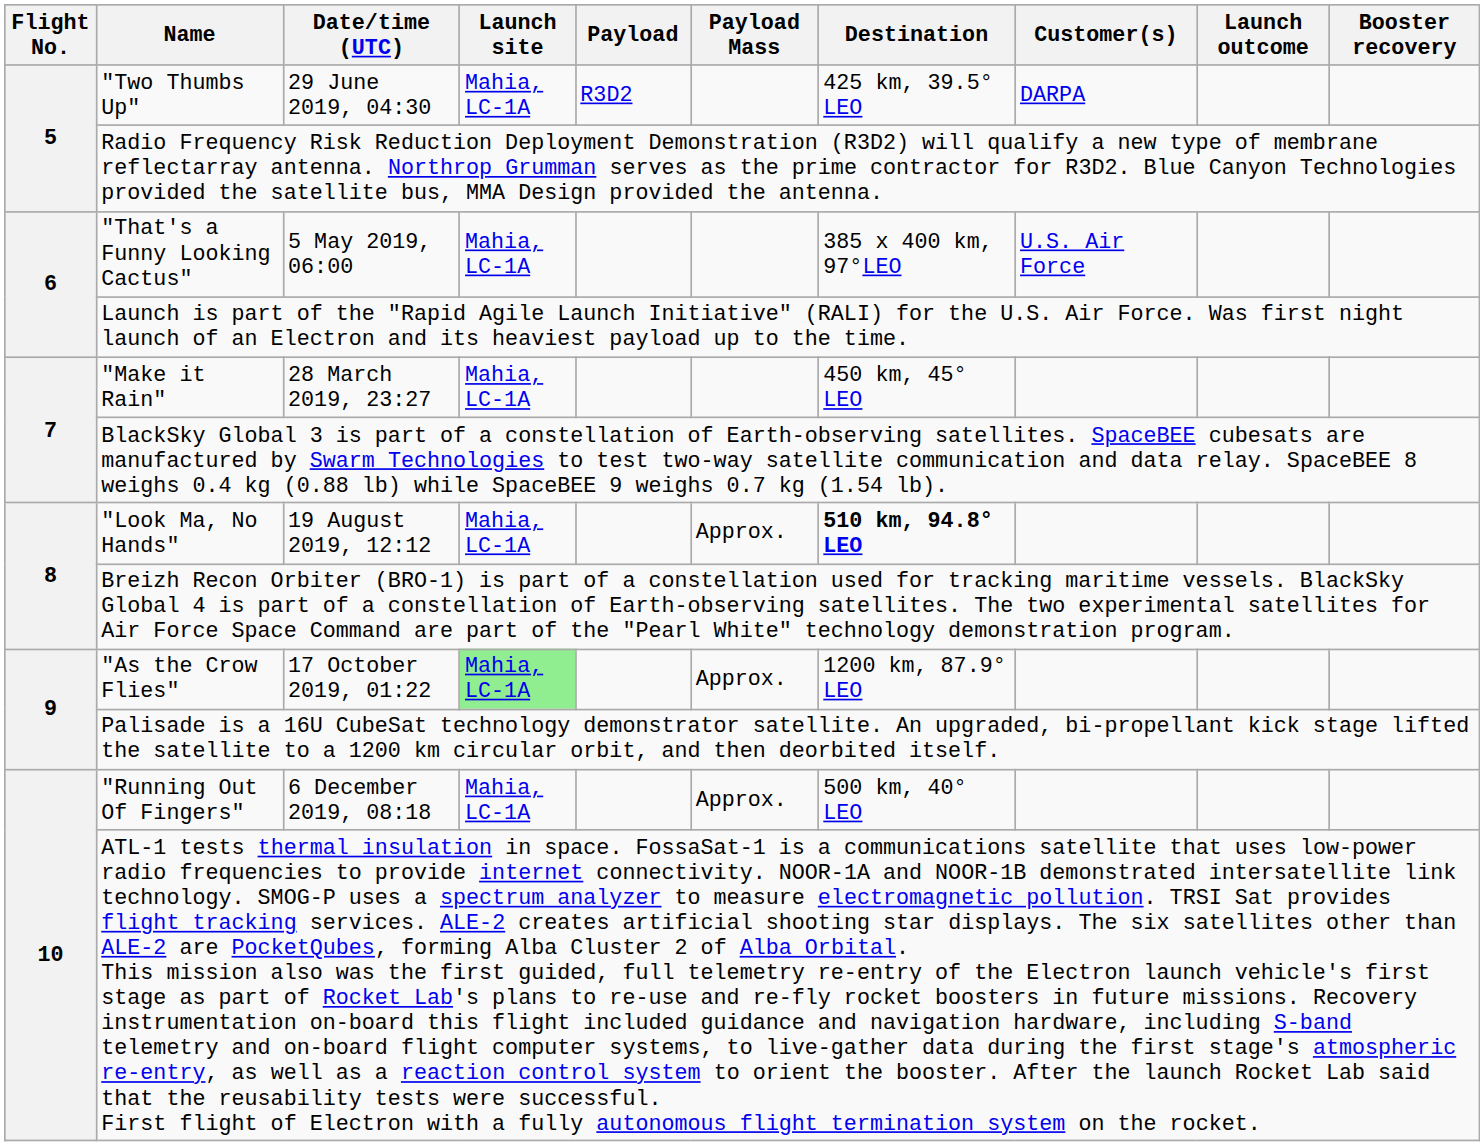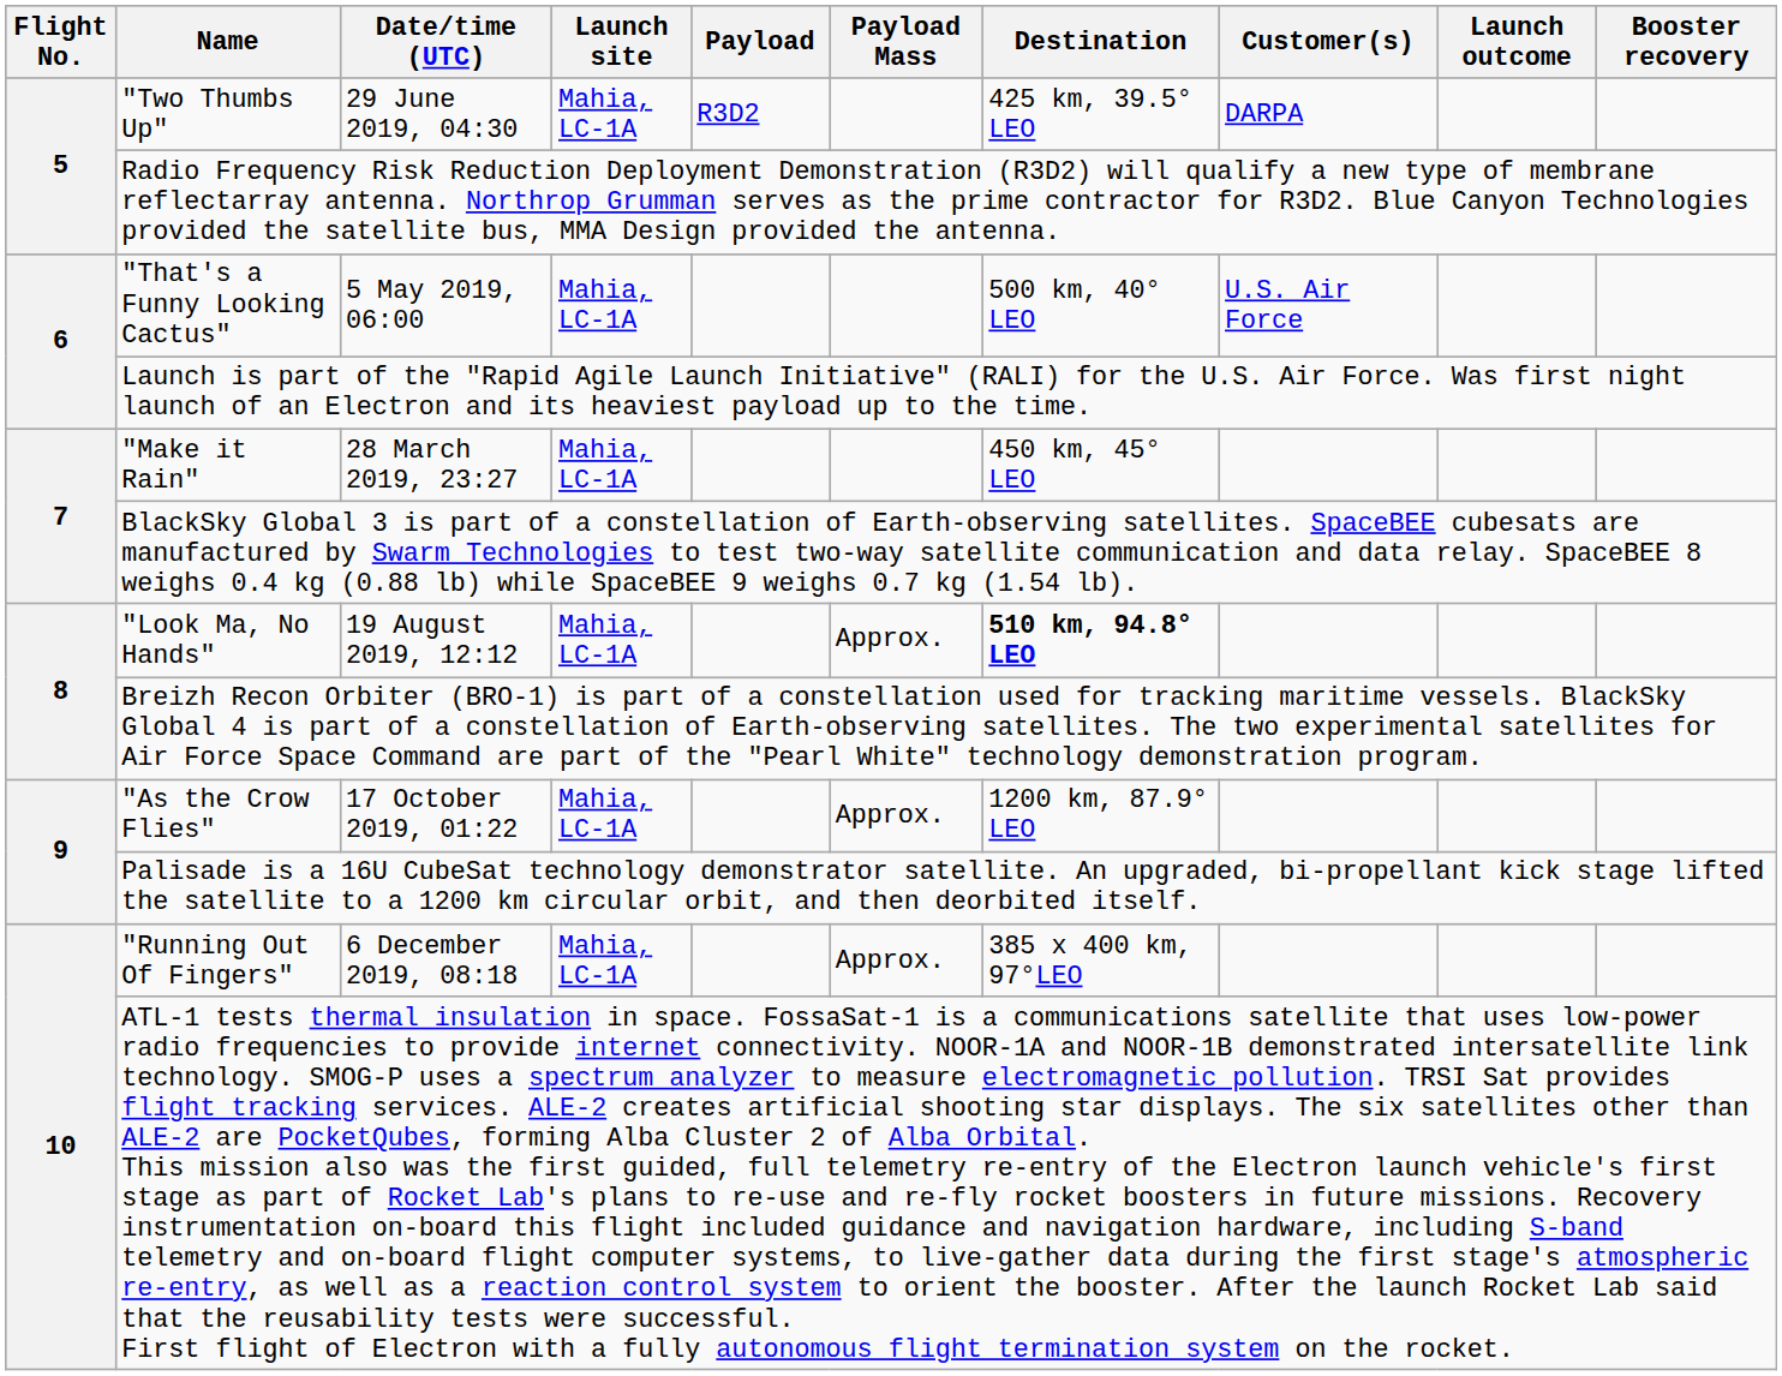 <table class="wikitable" style="width: 100%">
 <tr>
 <th>Flight No.</th>
 <th>Name</th>
 <th>Date/time<br>(<a href='#'>UTC</a>)</th>
 <th>Launch site</th>
 <th>Payload</th>
 <th>Payload Mass</th>
 <th>Destination</th>
 <th>Customer(s)</th>
 <th>Launch outcome</th>
 <th>Booster recovery</th>
 </tr>
 <tr>
 <th rowspan=2>5</th>
 <td>"Two Thumbs Up"</td>
 <td>29 June 2019, 04:30</td>
 <td><a href='#'>Mahia, LC-1A</a></td>
 <td><a href='#'>R3D2</a></td>
 <td></td>
 <td>425 km, 39.5° <a href='#'>LEO</a></td>
 <td><a href='#'>DARPA</a></td>
 <td></td>
 <td></td>
 </tr>
 <tr>
 <td colspan="9">Radio Frequency Risk Reduction Deployment Demonstration (R3D2) will qualify a new type of membrane reflectarray antenna. <a href='#'>Northrop Grumman</a> serves as the prime contractor for R3D2. Blue Canyon Technologies provided the satellite bus, MMA Design provided the antenna.</td>
 </tr>
 <tr>
 <th rowspan=2>6</th>
 <td>"That's a Funny Looking Cactus"</td>
 <td>5 May 2019, 06:00</td>
 <td><a href='#'>Mahia, LC-1A</a></td>
 <td></td>
 <td></td>
-<td>385 x 400 km, 97°<a href='#'>LEO</a></td>
+<td>500 km, 40° <a href='#'>LEO</a></td>
 <td><a href='#'>U.S. Air Force</a></td>
 <td></td>
 <td></td>
 </tr>
 <tr>
 <td colspan="9">Launch is part of the "Rapid Agile Launch Initiative" (RALI) for the U.S. Air Force. Was first night launch of an Electron and its heaviest payload up to the time.</td>
 </tr>
 <tr>
 <th rowspan=2>7</th>
 <td>"Make it Rain"</td>
 <td>28 March 2019, 23:27</td>
 <td><a href='#'>Mahia, LC-1A</a></td>
 <td></td>
 <td></td>
 <td>450 km, 45° <a href='#'>LEO</a></td>
 <td></td>
 <td></td>
 <td></td>
 </tr>
 <tr>
 <td colspan="9">BlackSky Global 3 is part of a constellation of Earth-observing satellites. <a href='#'>SpaceBEE</a> cubesats are manufactured by <a href='#'>Swarm Technologies</a> to test two-way satellite communication and data relay. SpaceBEE 8 weighs 0.4 kg (0.88 lb) while SpaceBEE 9 weighs 0.7 kg (1.54 lb).</td>
 </tr>
 <tr>
 <th rowspan=2>8</th>
 <td>"Look Ma, No Hands"</td>
 <td>19 August 2019, 12:12</td>
 <td><a href='#'>Mahia, LC-1A</a></td>
 <td></td>
 <td>Approx. </td>
 <td><strong>510 km, 94.8° <a href='#'>LEO</a></strong></td>
 <td></td>
 <td></td>
 <td></td>
 </tr>
 <tr>
 <td colspan="9">Breizh Recon Orbiter (BRO-1) is part of a constellation used for tracking maritime vessels. BlackSky Global 4 is part of a constellation of Earth-observing satellites. The two experimental satellites for Air Force Space Command are part of the "Pearl White" technology demonstration program.</td>
 </tr>
 <tr>
 <th rowspan=2>9</th>
 <td>"As the Crow Flies"</td>
 <td>17 October 2019, 01:22</td>
-<td style="background: lightgreen;"><a href='#'>Mahia, LC-1A</a></td>
+<td><a href='#'>Mahia, LC-1A</a></td>
 <td></td>
 <td>Approx. </td>
 <td>1200 km, 87.9° <a href='#'>LEO</a></td>
 <td></td>
 <td></td>
 <td></td>
 </tr>
 <tr>
 <td colspan="9">Palisade is a 16U CubeSat technology demonstrator satellite. An upgraded, bi-propellant kick stage lifted the satellite to a 1200 km circular orbit, and then deorbited itself.</td>
 </tr>
 <tr>
 <th rowspan="2">10</th>
 <td>"Running Out Of Fingers"</td>
 <td>6 December 2019, 08:18</td>
 <td><a href='#'>Mahia, LC-1A</a></td>
 <td></td>
 <td>Approx. </td>
-<td>500 km, 40° <a href='#'>LEO</a></td>
+<td>385 x 400 km, 97°<a href='#'>LEO</a></td>
 <td></td>
 <td></td>
 <td></td>
 </tr>
 <tr>
 <td colspan="9">ATL-1 tests <a href='#'>thermal insulation</a> in space. FossaSat-1 is a communications satellite that uses low-power radio frequencies to provide <a href='#'>internet</a> connectivity. NOOR-1A and NOOR-1B demonstrated intersatellite link technology. SMOG-P uses a <a href='#'>spectrum analyzer</a> to measure <a href='#'>electromagnetic pollution</a>. TRSI Sat provides <a href='#'>flight tracking</a> services. <a href='#'>ALE-2</a> creates artificial shooting star displays. The six satellites other than <a href='#'>ALE-2</a> are <a href='#'>PocketQubes</a>, forming Alba Cluster 2 of <a href='#'>Alba Orbital</a>.<br>This mission also was the first guided, full telemetry re-entry of the Electron launch vehicle's first stage as part of <a href='#'>Rocket Lab</a>'s plans to re-use and re-fly rocket boosters in future missions. Recovery instrumentation on-board this flight included guidance and navigation hardware, including <a href='#'>S-band</a> telemetry and on-board flight computer systems, to live-gather data during the first stage's <a href='#'>atmospheric re-entry</a>, as well as a <a href='#'>reaction control system</a> to orient the booster. After the launch Rocket Lab said that the reusability tests were successful.<br>First flight of Electron with a fully <a href='#'>autonomous flight termination system</a> on the rocket.</td>
 </tr>
 </table>
